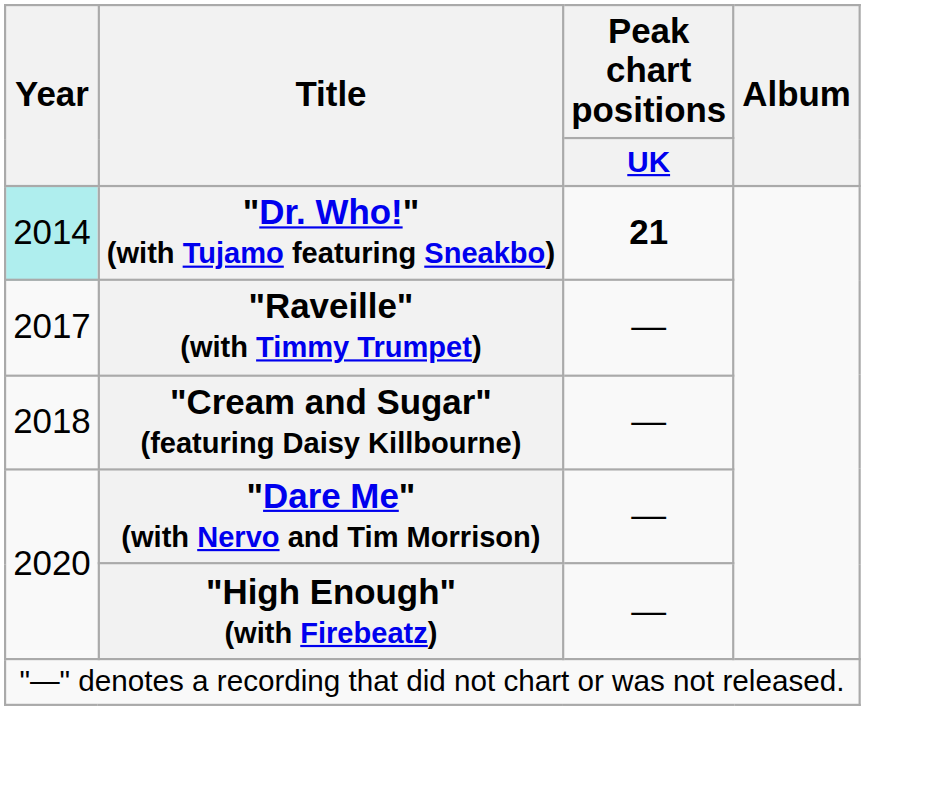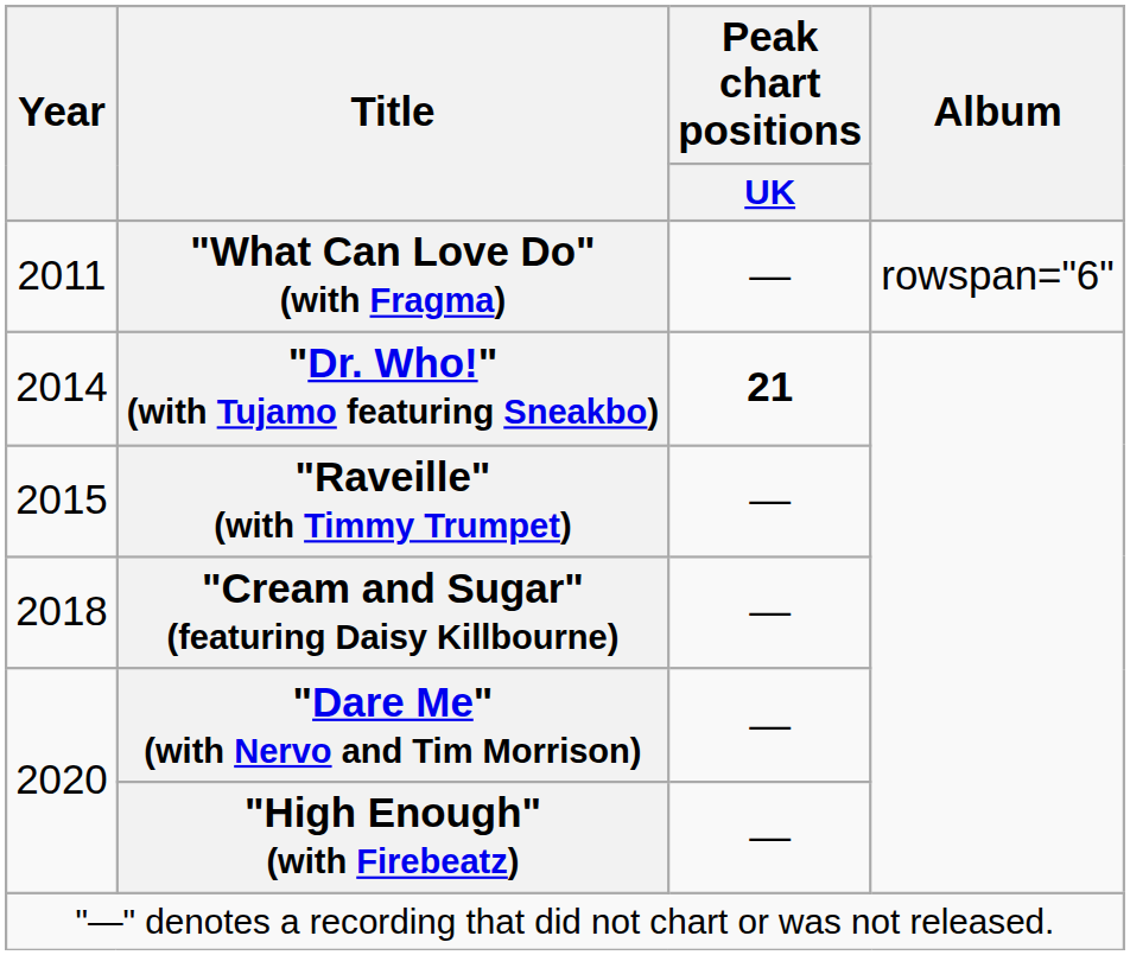 <table class="wikitable plainrowheaders" style="text-align:center;">
 <tr>
 <th scope="col" rowspan="2">Year</th>
 <th scope="col" rowspan="2">Title</th>
 <th scope="col">Peak chart positions</th>
 <th scope="col" rowspan="2">Album</th>
 </tr>
 <tr>
 <th scope="col" style="width:3em;font-size:85%;"><a href='#'>UK</a></th>
 </tr>
 <tr>
-<td style="background: paleturquoise;">2014</td>
+<td>2011</td>
+<th scope="row">"What Can Love Do" <br><small>(with <a href='#'>Fragma</a>)</small></th>
+<td>—</td>
+<td>rowspan="6" </td>
+</tr>
+<tr>
+<td>2014</td>
 <th scope="row">"<a href='#'>Dr. Who!</a>" <br><small>(with <a href='#'>Tujamo</a> featuring <a href='#'>Sneakbo</a>)</small></th>
 <td><strong>21</strong></td>
 </tr>
 <tr>
-<td>2017</td>
+<td>2015</td>
 <th scope="row">"Raveille" <br><small>(with <a href='#'>Timmy Trumpet</a>)</small></th>
 <td>—</td>
 </tr>
 <tr>
 <td>2018</td>
 <th scope="row">"Cream and Sugar" <br><small>(featuring Daisy Killbourne)</small></th>
 <td>—</td>
 </tr>
 <tr>
 <td rowspan="2">2020</td>
 <th scope="row">"<a href='#'>Dare Me</a>" <br><small>(with <a href='#'>Nervo</a> and Tim Morrison)</small></th>
 <td>—</td>
 </tr>
 <tr>
 <th scope="row">"High Enough" <br><small>(with <a href='#'>Firebeatz</a>)</small></th>
 <td>—</td>
 </tr>
 <tr>
 <td colspan="4" style="font-size:85%">"—" denotes a recording that did not chart or was not released.</td>
 </tr>
 </table>
